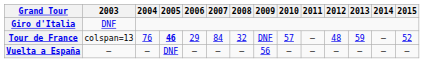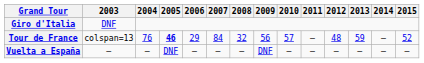 <table class="wikitable plainrowheaders">
 <tr>
 <th scope="col"><a href='#'>Grand Tour</a></th>
 <th scope="col">2003</th>
 <th scope="col">2004</th>
 <th scope="col">2005</th>
 <th scope="col">2006</th>
 <th scope="col">2007</th>
 <th scope="col">2008</th>
 <th scope="col">2009</th>
 <th scope="col">2010</th>
 <th scope="col">2011</th>
 <th scope="col">2012</th>
 <th scope="col">2013</th>
 <th scope="col">2014</th>
 <th scope="col">2015</th>
 </tr>
 <tr style="text-align:center;">
 <th scope="row"> <a href='#'>Giro d'Italia</a></th>
 <td><a href='#'>DNF</a></td>
 </tr>
 <tr style="text-align:center;">
 <th scope="row"> <a href='#'>Tour de France</a></th>
 <td>colspan=13 </td>
 <td><a href='#'>76</a></td>
 <td><strong><a href='#'>46</a></strong></td>
 <td><a href='#'>29</a></td>
 <td><a href='#'>84</a></td>
 <td><a href='#'>32</a></td>
-<td><a href='#'>DNF</a></td>
+<td><a href='#'>56</a></td>
 <td><a href='#'>57</a></td>
 <td>—</td>
 <td><a href='#'>48</a></td>
 <td><a href='#'>59</a></td>
 <td>—</td>
 <td><a href='#'>52</a></td>
 </tr>
 <tr style="text-align:center;">
 <th scope="row"> <a href='#'>Vuelta a España</a></th>
 <td>—</td>
 <td>—</td>
 <td><a href='#'>DNF</a></td>
 <td>—</td>
 <td>—</td>
 <td>—</td>
-<td><a href='#'>56</a></td>
+<td><a href='#'>DNF</a></td>
 <td>—</td>
 <td>—</td>
 <td>—</td>
 <td>—</td>
 <td>—</td>
 <td>—</td>
 </tr>
 </table>
